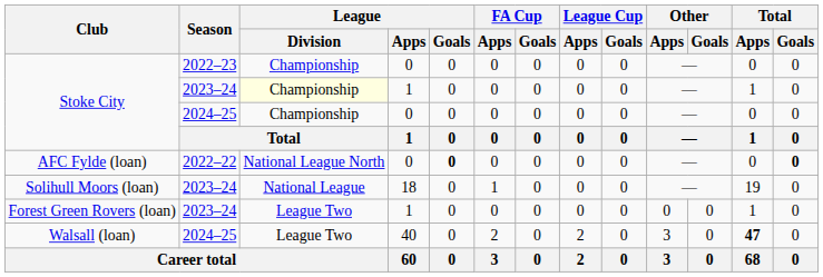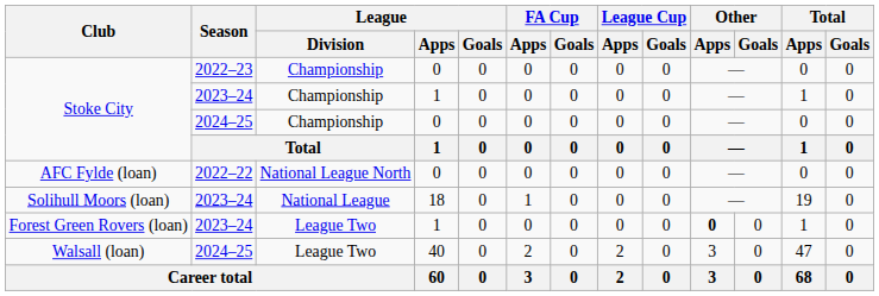 <table class="wikitable" style="text-align: center;">
 <tr>
 <th rowspan="2">Club</th>
 <th rowspan="2">Season</th>
 <th colspan="3">League</th>
 <th colspan="2"><a href='#'>FA Cup</a></th>
 <th colspan="2"><a href='#'>League Cup</a></th>
 <th colspan="2">Other</th>
 <th colspan="2">Total</th>
 </tr>
 <tr>
 <th>Division</th>
 <th>Apps</th>
 <th>Goals</th>
 <th>Apps</th>
 <th>Goals</th>
 <th>Apps</th>
 <th>Goals</th>
 <th>Apps</th>
 <th>Goals</th>
 <th>Apps</th>
 <th>Goals</th>
 </tr>
 <tr>
 <td rowspan=4><a href='#'>Stoke City</a></td>
 <td><a href='#'>2022–23</a></td>
 <td><a href='#'>Championship</a></td>
 <td>0</td>
 <td>0</td>
 <td>0</td>
 <td>0</td>
 <td>0</td>
 <td>0</td>
 <td colspan=2>—</td>
 <td>0</td>
 <td>0</td>
 </tr>
 <tr>
 <td><a href='#'>2023–24</a></td>
-<td style="background: lightyellow;">Championship</td>
+<td>Championship</td>
 <td>1</td>
 <td>0</td>
 <td>0</td>
 <td>0</td>
 <td>0</td>
 <td>0</td>
 <td colspan=2>—</td>
 <td>1</td>
 <td>0</td>
 </tr>
 <tr>
 <td><a href='#'>2024–25</a></td>
 <td>Championship</td>
 <td>0</td>
 <td>0</td>
 <td>0</td>
 <td>0</td>
 <td>0</td>
 <td>0</td>
 <td colspan=2>—</td>
 <td>0</td>
 <td>0</td>
 </tr>
 <tr>
 <th colspan=2>Total</th>
 <th>1</th>
 <th>0</th>
 <th>0</th>
 <th>0</th>
 <th>0</th>
 <th>0</th>
 <th colspan=2>—</th>
 <th>1</th>
 <th>0</th>
 </tr>
 <tr>
 <td><a href='#'>AFC Fylde</a>  (loan)</td>
 <td><a href='#'>2022–22</a></td>
 <td><a href='#'>National League North</a></td>
 <td>0</td>
-<td><strong>0</strong></td>
+<td>0</td>
 <td>0</td>
 <td>0</td>
 <td>0</td>
 <td>0</td>
 <td colspan=2>—</td>
 <td>0</td>
-<td><strong>0</strong></td>
+<td>0</td>
 </tr>
 <tr>
 <td><a href='#'>Solihull Moors</a> (loan)</td>
 <td><a href='#'>2023–24</a></td>
 <td><a href='#'>National League</a></td>
 <td>18</td>
 <td>0</td>
 <td>1</td>
 <td>0</td>
 <td>0</td>
 <td>0</td>
 <td colspan=2>—</td>
 <td>19</td>
 <td>0</td>
 </tr>
 <tr>
 <td><a href='#'>Forest Green Rovers</a> (loan)</td>
 <td><a href='#'>2023–24</a></td>
 <td><a href='#'>League Two</a></td>
 <td>1</td>
 <td>0</td>
 <td>0</td>
 <td>0</td>
 <td>0</td>
 <td>0</td>
-<td>0</td>
+<td><strong>0</strong></td>
 <td>0</td>
 <td>1</td>
 <td>0</td>
 </tr>
 <tr>
 <td><a href='#'>Walsall</a> (loan)</td>
 <td><a href='#'>2024–25</a></td>
 <td>League Two</td>
 <td>40</td>
 <td>0</td>
 <td>2</td>
 <td>0</td>
 <td>2</td>
 <td>0</td>
 <td>3</td>
 <td>0</td>
-<td><strong>47</strong></td>
+<td>47</td>
 <td>0</td>
 </tr>
 <tr>
 <th colspan="3">Career total</th>
 <th>60</th>
 <th>0</th>
 <th>3</th>
 <th>0</th>
 <th>2</th>
 <th>0</th>
 <th>3</th>
 <th>0</th>
 <th>68</th>
 <th>0</th>
 </tr>
 </table>
